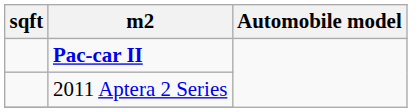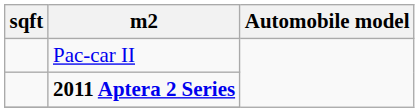 <table class="wikitable sortable" style="font-size:97%;">
 <tr>
 <th> sqft</th>
 <th> m2</th>
 <th>Automobile model</th>
 </tr>
 <tr>
 <td></td>
-<td><strong><a href='#'>Pac-car II</a></strong></td>
+<td><a href='#'>Pac-car II</a></td>
 </tr>
 <tr>
 <td></td>
-<td>2011 <a href='#'>Aptera 2 Series</a></td>
+<td><strong>2011 <a href='#'>Aptera 2 Series</a></strong></td>
 </tr>
 <tr>
 </tr>
 </table>
